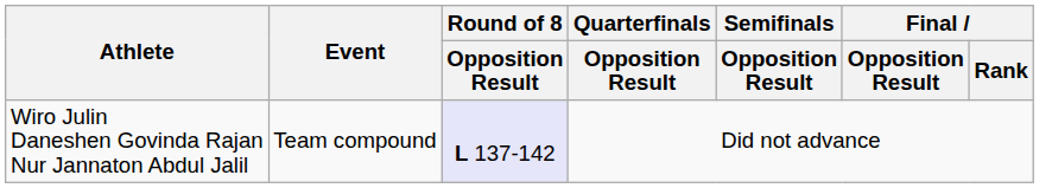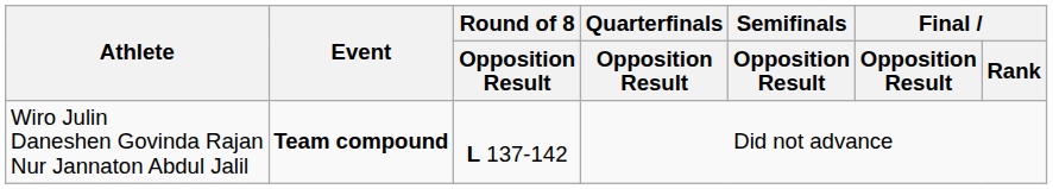 <table class=wikitable style="font-size:90%">
 <tr>
 <th rowspan="2">Athlete</th>
 <th rowspan="2">Event</th>
 <th>Round of 8</th>
 <th>Quarterfinals</th>
 <th>Semifinals</th>
 <th colspan="2">Final / </th>
 </tr>
 <tr>
 <th>Opposition<br>Result</th>
 <th>Opposition<br>Result</th>
 <th>Opposition<br>Result</th>
 <th>Opposition<br>Result</th>
 <th>Rank</th>
 </tr>
 <tr align=center>
 <td align=left>Wiro Julin<br>Daneshen Govinda Rajan<br>Nur Jannaton Abdul Jalil</td>
-<td align=left>Team compound</td>
-<td style="background: lavender;"><br><strong>L</strong> 137-142</td>
+<td align=left><strong>Team compound</strong></td>
+<td><br><strong>L</strong> 137-142</td>
 <td colspan="4">Did not advance</td>
 </tr>
 </table>
